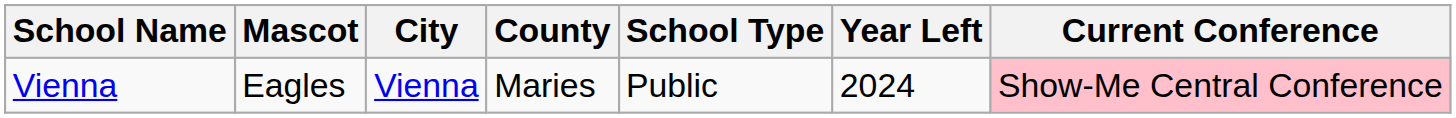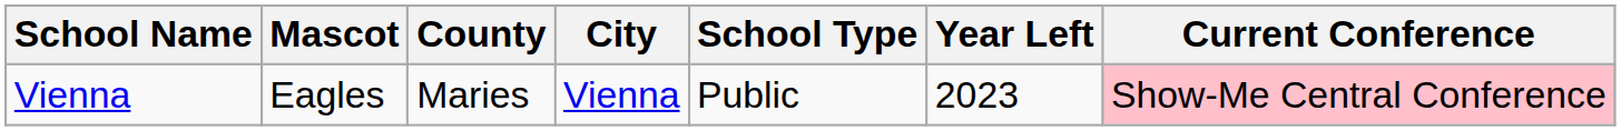 <table class="wikitable sortable">
 <tr>
 <th>School Name</th>
 <th>Mascot</th>
+<th>County</th>
 <th>City</th>
-<th>County</th>
 <th>School Type</th>
 <th>Year Left</th>
 <th>Current Conference</th>
 </tr>
 <tr>
 <td><a href='#'>Vienna</a></td>
 <td>Eagles</td>
+<td>Maries</td>
 <td><a href='#'>Vienna</a></td>
-<td>Maries</td>
 <td>Public</td>
-<td>2024 </td>
+<td>2023 </td>
 <td style="background: pink;">Show-Me Central Conference</td>
 </tr>
 </table>
